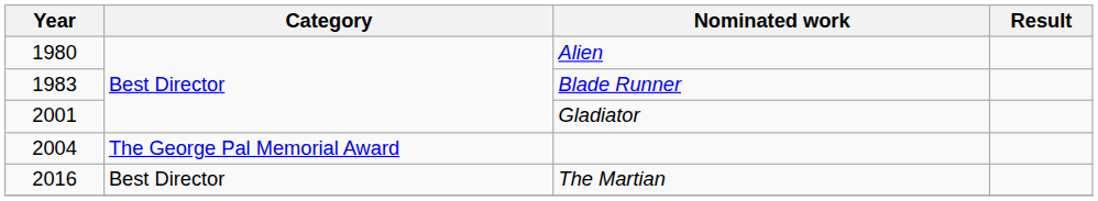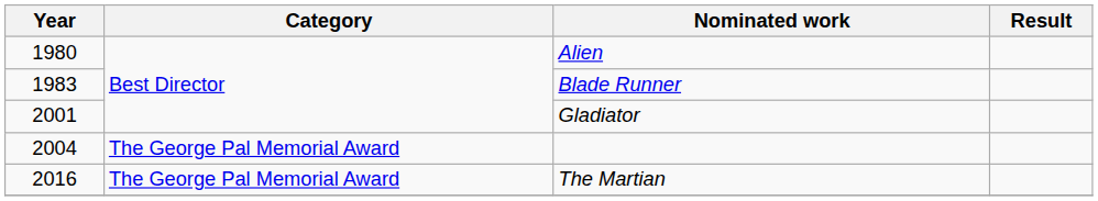 <table class=wikitable>
 <tr>
 <th scope="col" style="width:5em;">Year</th>
 <th scope="col" style="width:26em;">Category</th>
 <th scope="col" style="width:25em;">Nominated work</th>
 <th scope="col" style="width:5em;">Result</th>
 </tr>
 <tr>
 <td style="text-align:center;">1980</td>
 <td rowspan=3><a href='#'>Best Director</a></td>
 <td><em><a href='#'>Alien</a></em></td>
 <td></td>
 </tr>
 <tr>
 <td style="text-align:center;">1983</td>
 <td><em><a href='#'>Blade Runner</a></em></td>
 <td></td>
 </tr>
 <tr>
 <td style="text-align:center;">2001</td>
 <td><em>Gladiator</em></td>
 <td></td>
 </tr>
 <tr>
 <td style="text-align:center;">2004</td>
 <td><a href='#'>The George Pal Memorial Award</a></td>
 <td></td>
 <td></td>
 </tr>
 <tr>
 <td style="text-align:center;">2016</td>
-<td>Best Director</td>
+<td><a href='#'>The George Pal Memorial Award</a></td>
 <td><em>The Martian</em></td>
 <td></td>
 </tr>
 <tr>
 </tr>
 </table>
